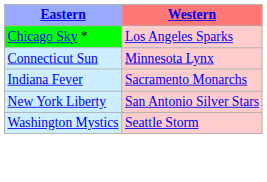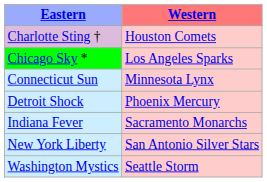 <table class="wikitable">
 <tr>
 <th style="background-color: #9AF;"><a href='#'>Eastern</a></th>
 <th style="background-color: #F77;"><a href='#'>Western</a></th>
+</tr>
+<tr>
+<td style="background-color: #DBD;"><a href='#'>Charlotte Sting</a> †</td>
+<td style="background-color: #FCC;"><a href='#'>Houston Comets</a></td>
 </tr>
 <tr>
 <td style="background-color: #0F0;"><a href='#'>Chicago Sky</a> *</td>
 <td style="background-color: #FCC;"><a href='#'>Los Angeles Sparks</a></td>
 </tr>
 <tr>
 <td style="background-color: #CEF;"><a href='#'>Connecticut Sun</a></td>
 <td style="background-color: #FCC;"><a href='#'>Minnesota Lynx</a></td>
+</tr>
+<tr>
+<td style="background-color: #CEF;"><a href='#'>Detroit Shock</a></td>
+<td style="background-color: #FCC;"><a href='#'>Phoenix Mercury</a></td>
 </tr>
 <tr>
 <td style="background-color: #CEF;"><a href='#'>Indiana Fever</a></td>
 <td style="background-color: #FCC;"><a href='#'>Sacramento Monarchs</a></td>
 </tr>
 <tr>
 <td style="background-color: #CEF;"><a href='#'>New York Liberty</a></td>
 <td style="background-color: #FCC;"><a href='#'>San Antonio Silver Stars</a></td>
 </tr>
 <tr>
 <td style="background-color: #CEF;"><a href='#'>Washington Mystics</a></td>
 <td style="background-color: #FCC;"><a href='#'>Seattle Storm</a></td>
 </tr>
 </table>
